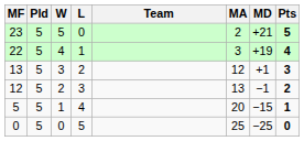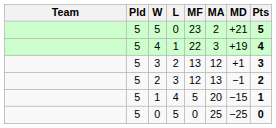 <table class="wikitable" style="text-align:center">
 <tr>
-<th width="20">MF</th>
+<th width="175">Team</th>
 <th width="20">Pld</th>
 <th width="20">W</th>
 <th width="20">L</th>
-<th width="175">Team</th>
+<th width="20">MF</th>
 <th width="20">MA</th>
 <th width="20">MD</th>
 <th width="20">Pts</th>
 </tr>
 <tr bgcolor="ccffcc">
-<td>23</td>
+<td align="left"></td>
 <td>5</td>
 <td>5</td>
 <td>0</td>
-<td align="left"></td>
+<td>23</td>
 <td>2</td>
 <td>+21</td>
 <td><strong>5</strong></td>
 </tr>
 <tr bgcolor="ccffcc">
-<td>22</td>
+<td align="left"></td>
 <td>5</td>
 <td>4</td>
 <td>1</td>
-<td align="left"></td>
+<td>22</td>
 <td>3</td>
 <td>+19</td>
 <td><strong>4</strong></td>
 </tr>
 <tr>
-<td>13</td>
+<td align="left"></td>
 <td>5</td>
 <td>3</td>
 <td>2</td>
-<td align="left"></td>
+<td>13</td>
 <td>12</td>
 <td>+1</td>
 <td><strong>3</strong></td>
 </tr>
 <tr>
-<td>12</td>
+<td align="left"></td>
 <td>5</td>
 <td>2</td>
 <td>3</td>
-<td align="left"></td>
+<td>12</td>
 <td>13</td>
 <td>−1</td>
 <td><strong>2</strong></td>
 </tr>
 <tr>
-<td>5</td>
+<td align="left"></td>
 <td>5</td>
 <td>1</td>
 <td>4</td>
-<td align="left"></td>
+<td>5</td>
 <td>20</td>
 <td>−15</td>
 <td><strong>1</strong></td>
 </tr>
 <tr>
+<td align="left"></td>
+<td>5</td>
 <td>0</td>
 <td>5</td>
 <td>0</td>
-<td>5</td>
-<td align="left"></td>
 <td>25</td>
 <td>−25</td>
 <td><strong>0</strong></td>
 </tr>
 </table>
